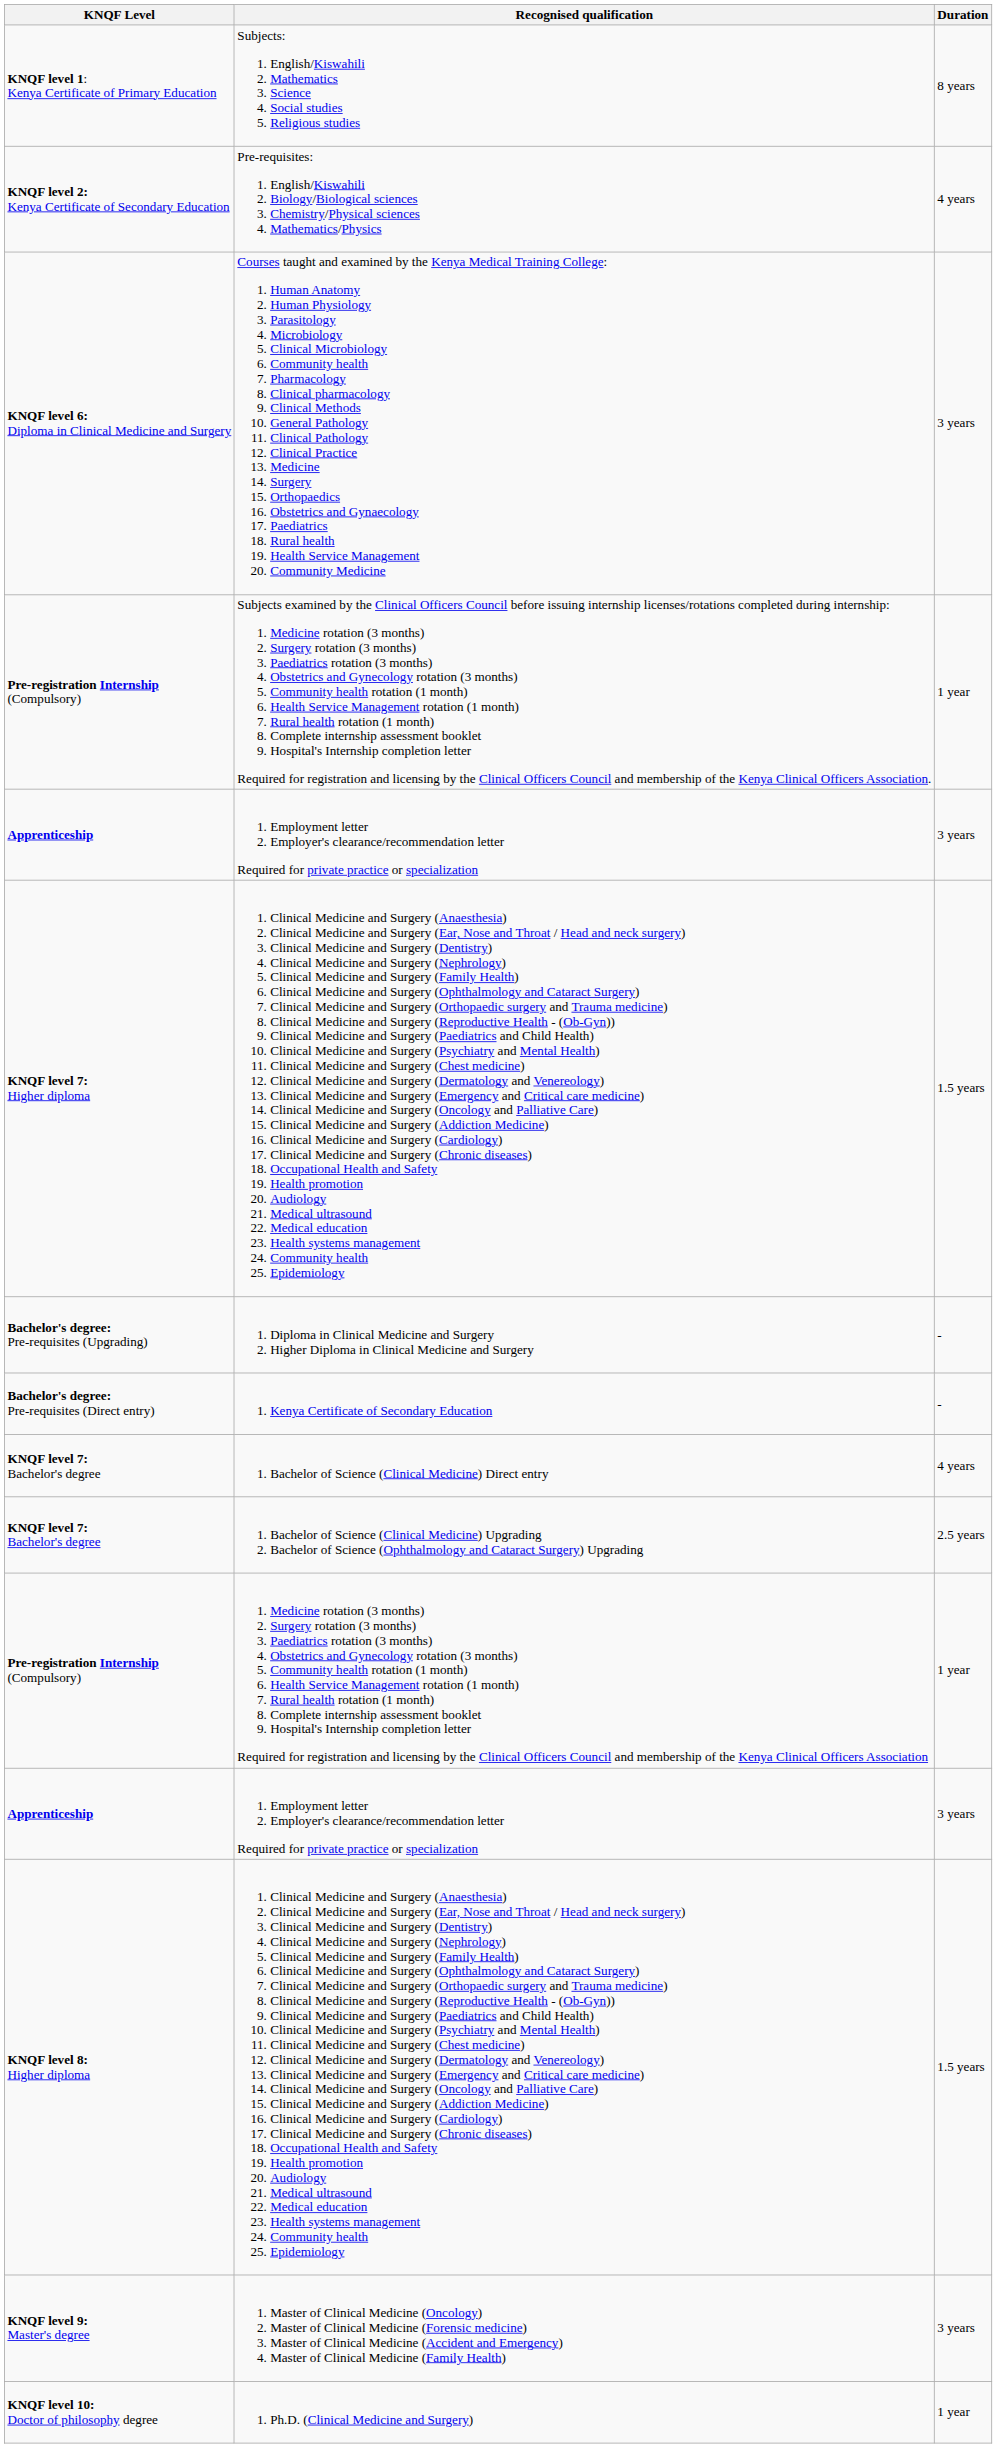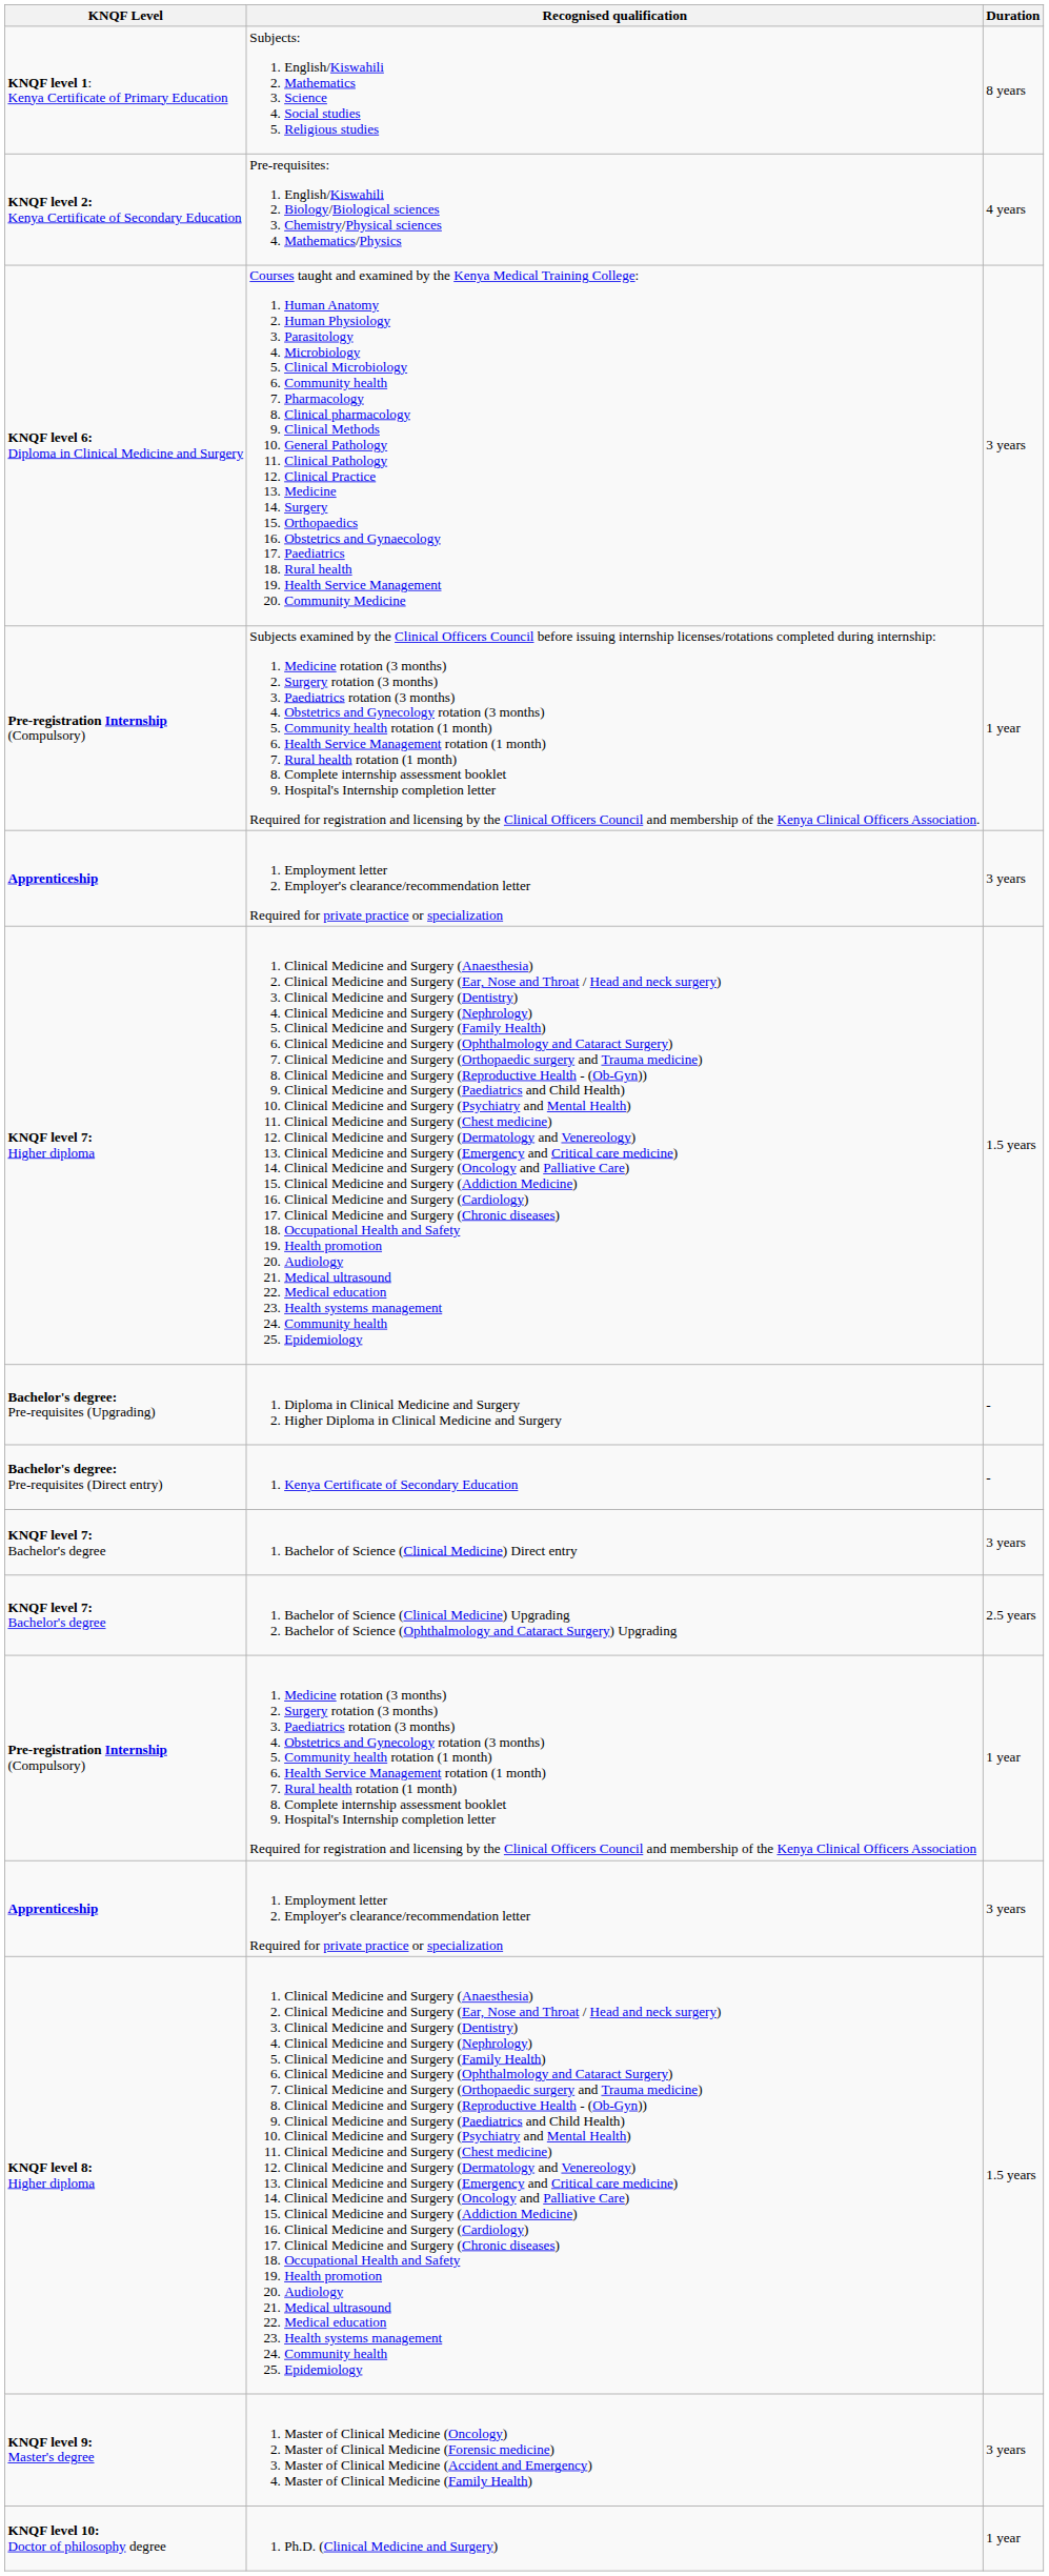 <table class="wikitable">
 <tr>
 <th>KNQF Level</th>
 <th>Recognised qualification</th>
 <th>Duration</th>
 </tr>
 <tr>
 <td><strong>KNQF level 1</strong>:<br> <a href='#'>Kenya Certificate of Primary Education</a></td>
 <td>Subjects:<br><ol><li>English/<a href='#'>Kiswahili</a></li><li><a href='#'>Mathematics</a></li><li><a href='#'>Science</a></li><li><a href='#'>Social studies</a></li><li><a href='#'>Religious studies</a></li></ol></td>
 <td>8 years</td>
 </tr>
 <tr>
 <td><strong>KNQF level 2:</strong> <br><a href='#'>Kenya Certificate of Secondary Education</a></td>
 <td>Pre-requisites:<br><ol><li>English/<a href='#'>Kiswahili</a></li><li><a href='#'>Biology</a>/<a href='#'>Biological sciences</a></li><li><a href='#'>Chemistry</a>/<a href='#'>Physical sciences</a></li><li><a href='#'>Mathematics</a>/<a href='#'>Physics</a></li></ol></td>
 <td>4 years</td>
 </tr>
 <tr>
 <td><strong>KNQF level 6:</strong> <br> <a href='#'>Diploma in Clinical Medicine and Surgery</a></td>
 <td><a href='#'>Courses</a> taught and examined by the <a href='#'>Kenya Medical Training College</a>:<br><ol><li><a href='#'>Human Anatomy</a></li><li><a href='#'>Human Physiology</a></li><li><a href='#'>Parasitology</a></li><li><a href='#'>Microbiology</a></li><li><a href='#'>Clinical Microbiology</a></li><li><a href='#'>Community health</a></li><li><a href='#'>Pharmacology</a></li><li><a href='#'>Clinical pharmacology</a></li><li><a href='#'>Clinical Methods</a></li><li><a href='#'>General Pathology</a></li><li><a href='#'>Clinical Pathology</a></li><li><a href='#'>Clinical Practice</a></li><li><a href='#'>Medicine</a></li><li><a href='#'>Surgery</a></li><li><a href='#'>Orthopaedics</a></li><li><a href='#'>Obstetrics and Gynaecology</a></li><li><a href='#'>Paediatrics</a></li><li><a href='#'>Rural health</a></li><li><a href='#'>Health Service Management</a></li><li><a href='#'>Community Medicine</a></li></ol></td>
 <td>3 years</td>
 </tr>
 <tr>
 <td><strong>Pre-registration <a href='#'>Internship</a></strong> <br>(Compulsory)</td>
 <td>Subjects examined by the <a href='#'>Clinical Officers Council</a> before issuing internship licenses/rotations completed during internship:<br><ol><li><a href='#'>Medicine</a> rotation (3 months)</li><li><a href='#'>Surgery</a> rotation (3 months)</li><li><a href='#'>Paediatrics</a> rotation (3 months)</li><li><a href='#'>Obstetrics and Gynecology</a> rotation (3 months)</li><li><a href='#'>Community health</a> rotation (1 month)</li><li><a href='#'>Health Service Management</a> rotation (1 month)</li><li><a href='#'>Rural health</a> rotation (1 month)</li><li>Complete internship assessment booklet</li><li>Hospital's Internship completion letter</li></ol>Required for registration and licensing by the <a href='#'>Clinical Officers Council</a> and membership of the <a href='#'>Kenya Clinical Officers Association</a>.</td>
 <td>1 year</td>
 </tr>
 <tr>
 <td><strong><a href='#'>Apprenticeship</a></strong></td>
 <td><br><ol><li>Employment letter</li><li>Employer's clearance/recommendation letter</li></ol>Required for <a href='#'>private practice</a> or <a href='#'>specialization</a></td>
 <td>3 years</td>
 </tr>
 <tr>
 <td><strong>KNQF level 7:</strong> <br><a href='#'>Higher diploma</a></td>
 <td><br><ol><li>Clinical Medicine and Surgery (<a href='#'>Anaesthesia</a>)</li><li>Clinical Medicine and Surgery (<a href='#'>Ear, Nose and Throat</a> / <a href='#'>Head and neck surgery</a>)</li><li>Clinical Medicine and Surgery (<a href='#'>Dentistry</a>)</li><li>Clinical Medicine and Surgery (<a href='#'>Nephrology</a>)</li><li>Clinical Medicine and Surgery (<a href='#'>Family Health</a>)</li><li>Clinical Medicine and Surgery (<a href='#'>Ophthalmology and Cataract Surgery</a>)</li><li>Clinical Medicine and Surgery (<a href='#'>Orthopaedic surgery</a> and <a href='#'>Trauma medicine</a>)</li><li>Clinical Medicine and Surgery (<a href='#'>Reproductive Health</a> - (<a href='#'>Ob-Gyn</a>))</li><li>Clinical Medicine and Surgery (<a href='#'>Paediatrics</a> and Child Health)</li><li>Clinical Medicine and Surgery (<a href='#'>Psychiatry</a> and <a href='#'>Mental Health</a>)</li><li>Clinical Medicine and Surgery (<a href='#'>Chest medicine</a>)</li><li>Clinical Medicine and Surgery (<a href='#'>Dermatology</a> and <a href='#'>Venereology</a>)</li><li>Clinical Medicine and Surgery (<a href='#'>Emergency</a> and <a href='#'>Critical care medicine</a>)</li><li>Clinical Medicine and Surgery (<a href='#'>Oncology</a> and <a href='#'>Palliative Care</a>)</li><li>Clinical Medicine and Surgery (<a href='#'>Addiction Medicine</a>)</li><li>Clinical Medicine and Surgery (<a href='#'>Cardiology</a>)</li><li>Clinical Medicine and Surgery (<a href='#'>Chronic diseases</a>)</li><li><a href='#'>Occupational Health and Safety</a></li><li><a href='#'>Health promotion</a></li><li><a href='#'>Audiology</a></li><li><a href='#'>Medical ultrasound</a></li><li><a href='#'>Medical education</a></li><li><a href='#'>Health systems management</a></li><li><a href='#'>Community health</a></li><li><a href='#'>Epidemiology</a></li></ol></td>
 <td>1.5 years</td>
 </tr>
 <tr>
 <td><strong>Bachelor's degree:</strong> <br>Pre-requisites (Upgrading)</td>
 <td><br><ol><li>Diploma in Clinical Medicine and Surgery</li><li>Higher Diploma in Clinical Medicine and Surgery</li></ol></td>
 <td>-</td>
 </tr>
 <tr>
 <td><strong>Bachelor's degree:</strong> <br>Pre-requisites (Direct entry)</td>
 <td><br><ol><li><a href='#'>Kenya Certificate of Secondary Education</a></li></ol></td>
 <td>-</td>
 </tr>
 <tr>
 <td><strong>KNQF level 7:</strong> <br>Bachelor's degree</td>
 <td><br><ol><li>Bachelor of Science (<a href='#'>Clinical Medicine</a>) Direct entry</li></ol></td>
-<td>4 years</td>
+<td>3 years</td>
 </tr>
 <tr>
 <td><strong>KNQF level 7:</strong> <br><a href='#'>Bachelor's degree</a></td>
 <td><br><ol><li>Bachelor of Science (<a href='#'>Clinical Medicine</a>) Upgrading</li><li>Bachelor of Science (<a href='#'>Ophthalmology and Cataract Surgery</a>) Upgrading</li></ol></td>
 <td>2.5 years</td>
 </tr>
 <tr>
 <td><strong>Pre-registration <a href='#'>Internship</a></strong> <br>(Compulsory)</td>
 <td><br><ol><li><a href='#'>Medicine</a> rotation (3 months)</li><li><a href='#'>Surgery</a> rotation (3 months)</li><li><a href='#'>Paediatrics</a> rotation (3 months)</li><li><a href='#'>Obstetrics and Gynecology</a> rotation (3 months)</li><li><a href='#'>Community health</a> rotation (1 month)</li><li><a href='#'>Health Service Management</a> rotation (1 month)</li><li><a href='#'>Rural health</a> rotation (1 month)</li><li>Complete internship assessment booklet</li><li>Hospital's Internship completion letter</li></ol>Required for registration and licensing by the <a href='#'>Clinical Officers Council</a> and membership of the <a href='#'>Kenya Clinical Officers Association</a></td>
 <td>1 year</td>
 </tr>
 <tr>
 <td><strong><a href='#'>Apprenticeship</a></strong></td>
 <td><br><ol><li>Employment letter</li><li>Employer's clearance/recommendation letter</li></ol>Required for <a href='#'>private practice</a> or <a href='#'>specialization</a></td>
 <td>3 years</td>
 </tr>
 <tr>
 <td><strong>KNQF level 8:</strong> <br><a href='#'>Higher diploma</a></td>
 <td><br><ol><li>Clinical Medicine and Surgery (<a href='#'>Anaesthesia</a>)</li><li>Clinical Medicine and Surgery (<a href='#'>Ear, Nose and Throat</a> / <a href='#'>Head and neck surgery</a>)</li><li>Clinical Medicine and Surgery (<a href='#'>Dentistry</a>)</li><li>Clinical Medicine and Surgery (<a href='#'>Nephrology</a>)</li><li>Clinical Medicine and Surgery (<a href='#'>Family Health</a>)</li><li>Clinical Medicine and Surgery (<a href='#'>Ophthalmology and Cataract Surgery</a>)</li><li>Clinical Medicine and Surgery (<a href='#'>Orthopaedic surgery</a> and <a href='#'>Trauma medicine</a>)</li><li>Clinical Medicine and Surgery (<a href='#'>Reproductive Health</a> - (<a href='#'>Ob-Gyn</a>))</li><li>Clinical Medicine and Surgery (<a href='#'>Paediatrics</a> and Child Health)</li><li>Clinical Medicine and Surgery (<a href='#'>Psychiatry</a> and <a href='#'>Mental Health</a>)</li><li>Clinical Medicine and Surgery (<a href='#'>Chest medicine</a>)</li><li>Clinical Medicine and Surgery (<a href='#'>Dermatology</a> and <a href='#'>Venereology</a>)</li><li>Clinical Medicine and Surgery (<a href='#'>Emergency</a> and <a href='#'>Critical care medicine</a>)</li><li>Clinical Medicine and Surgery (<a href='#'>Oncology</a> and <a href='#'>Palliative Care</a>)</li><li>Clinical Medicine and Surgery (<a href='#'>Addiction Medicine</a>)</li><li>Clinical Medicine and Surgery (<a href='#'>Cardiology</a>)</li><li>Clinical Medicine and Surgery (<a href='#'>Chronic diseases</a>)</li><li><a href='#'>Occupational Health and Safety</a></li><li><a href='#'>Health promotion</a></li><li><a href='#'>Audiology</a></li><li><a href='#'>Medical ultrasound</a></li><li><a href='#'>Medical education</a></li><li><a href='#'>Health systems management</a></li><li><a href='#'>Community health</a></li><li><a href='#'>Epidemiology</a></li></ol></td>
 <td>1.5 years</td>
 </tr>
 <tr>
 <td><strong>KNQF level 9:</strong> <br><a href='#'>Master's degree</a></td>
 <td><br><ol><li>Master of Clinical Medicine (<a href='#'>Oncology</a>)</li><li>Master of Clinical Medicine (<a href='#'>Forensic medicine</a>)</li><li>Master of Clinical Medicine (<a href='#'>Accident and Emergency</a>)</li><li>Master of Clinical Medicine (<a href='#'>Family Health</a>)</li></ol></td>
 <td>3 years</td>
 </tr>
 <tr>
 <td><strong>KNQF level 10:</strong> <br><a href='#'>Doctor of philosophy</a> degree</td>
 <td><br><ol><li>Ph.D. (<a href='#'>Clinical Medicine and Surgery</a>)</li></ol></td>
 <td>1 year</td>
 </tr>
 </table>
